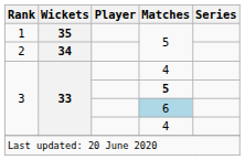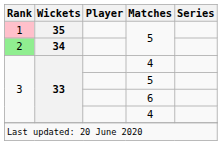 <table class="wikitable plainrowheaders sortable">
 <tr>
 <th scope=col>Rank</th>
 <th scope=col>Wickets</th>
 <th scope=col>Player</th>
 <th scope=col>Matches</th>
 <th scope=col>Series</th>
 </tr>
 <tr>
-<td align=center>1</td>
+<td align=center style="background: pink;">1</td>
 <th scope=row style=text-align:center;>35</th>
 <td></td>
 <td align=center rowspan=2>5</td>
 <td></td>
 </tr>
 <tr>
-<td align=center>2</td>
+<td align=center style="background: lightgreen;">2</td>
 <th scope=row style=text-align:center;>34</th>
 <td></td>
 <td></td>
 </tr>
 <tr>
 <td align=center rowspan=4>3</td>
 <th scope=row style=text-align:center; rowspan=4>33</th>
 <td></td>
 <td align=center>4</td>
 <td></td>
 </tr>
 <tr>
 <td></td>
-<td align=center><strong>5</strong></td>
+<td align=center>5</td>
 <td></td>
 </tr>
 <tr>
 <td></td>
-<td align=center style="background: lightblue;">6</td>
+<td align=center>6</td>
 <td></td>
 </tr>
 <tr>
 <td></td>
 <td align=center>4</td>
 <td></td>
 </tr>
 <tr>
 </tr>
 <tr class=sortbottom>
 <td colspan=5><small>Last updated: 20 June 2020</small></td>
 </tr>
 </table>
